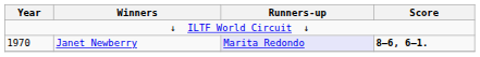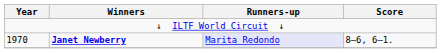 <table class="wikitable sortable">
 <tr>
 <th style="width:60px;">Year</th>
 <th style="width:220px;">Winners</th>
 <th style="width:200px;">Runners-up</th>
 <th style="width:130px;">Score</th>
 </tr>
 <tr>
 <td colspan=4 align=center>↓  <a href='#'>ILTF World Circuit</a>  ↓</td>
 </tr>
 <tr>
 <td>1970</td>
-<td> <a href='#'>Janet Newberry</a></td>
+<td><strong> <a href='#'>Janet Newberry</a></strong></td>
 <td style="background: lavender;">  <a href='#'>Marita Redondo</a></td>
-<td><strong>8–6, 6–1.</strong></td>
+<td>8–6, 6–1.</td>
 </tr>
 <tr>
 </tr>
 </table>
